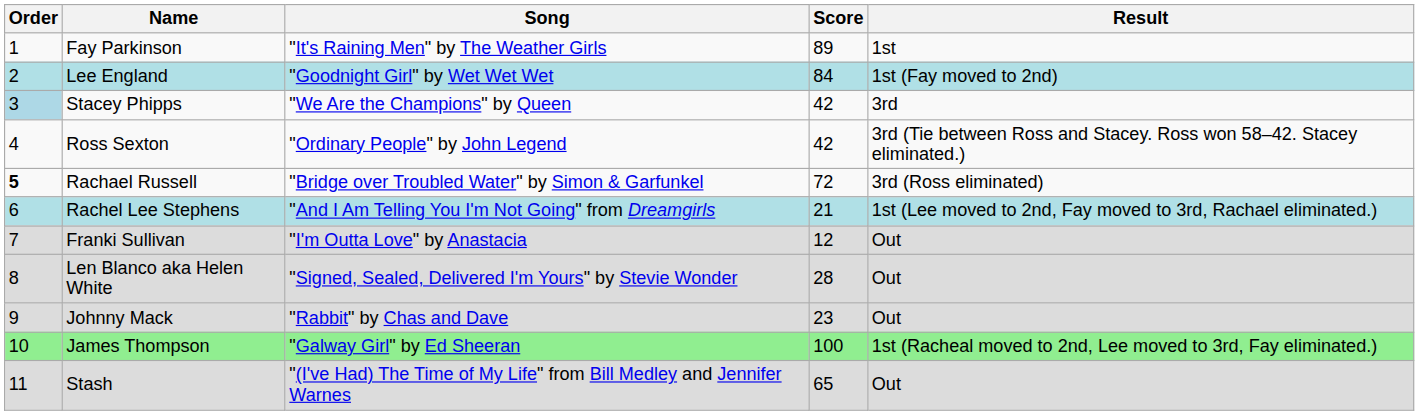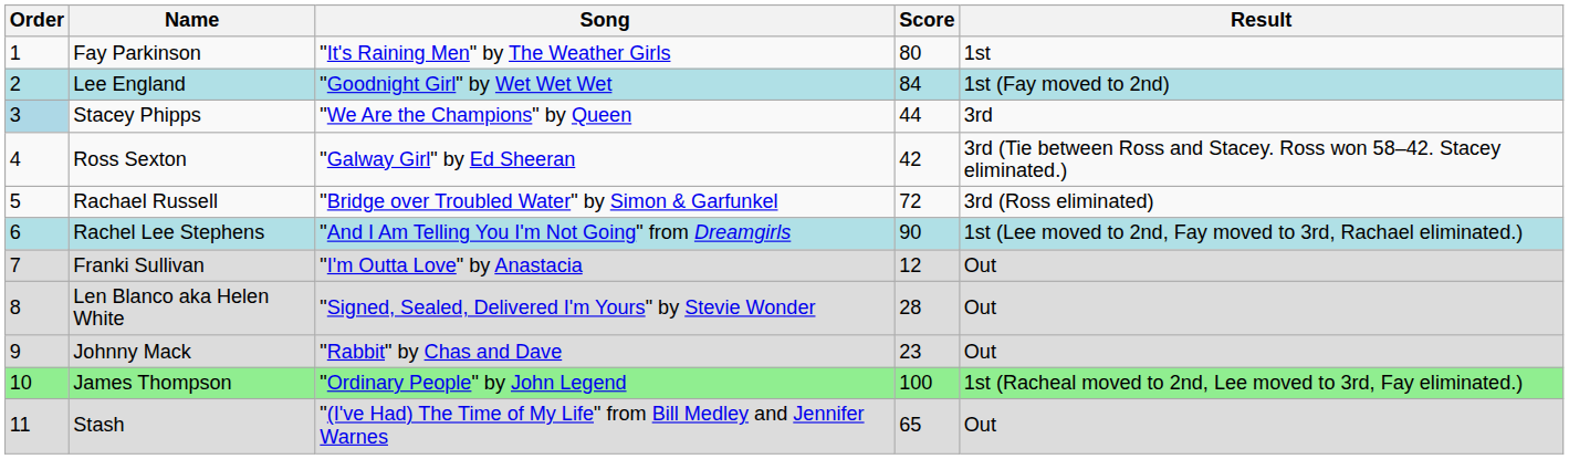 <table class="wikitable sortable collapsed">
 <tr style="text-align:Center; background:#cc;">
 <th>Order</th>
 <th>Name</th>
 <th>Song</th>
 <th>Score</th>
 <th>Result</th>
 </tr>
 <tr>
 <td>1</td>
 <td>Fay Parkinson</td>
 <td>"<a href='#'>It's Raining Men</a>" by <a href='#'>The Weather Girls</a></td>
-<td>89</td>
+<td>80</td>
 <td>1st</td>
 </tr>
 <tr style="background:#b0e0e6;">
 <td>2</td>
 <td>Lee England</td>
 <td>"<a href='#'>Goodnight Girl</a>" by <a href='#'>Wet Wet Wet</a></td>
 <td>84</td>
 <td>1st (Fay moved to 2nd)</td>
 </tr>
 <tr>
 <td style="background: lightblue;">3</td>
 <td>Stacey Phipps</td>
 <td>"<a href='#'>We Are the Champions</a>" by <a href='#'>Queen</a></td>
-<td>42</td>
+<td>44</td>
 <td>3rd</td>
 </tr>
 <tr>
 <td>4</td>
 <td>Ross Sexton</td>
-<td>"<a href='#'>Ordinary People</a>" by <a href='#'>John Legend</a></td>
+<td>"<a href='#'>Galway Girl</a>"  by <a href='#'>Ed Sheeran</a></td>
 <td>42</td>
 <td>3rd (Tie between Ross and Stacey. Ross won 58–42. Stacey eliminated.)</td>
 </tr>
 <tr>
-<td><strong>5</strong></td>
+<td>5</td>
 <td>Rachael Russell</td>
 <td>"<a href='#'>Bridge over Troubled Water</a>" by <a href='#'>Simon & Garfunkel</a></td>
 <td>72</td>
 <td>3rd (Ross eliminated)</td>
 </tr>
 <tr style="background:#b0e0e6;">
 <td>6</td>
 <td>Rachel Lee Stephens</td>
 <td>"<a href='#'>And I Am Telling You I'm Not Going</a>" from <em><a href='#'>Dreamgirls</a></em></td>
-<td>21</td>
+<td>90</td>
 <td>1st (Lee moved to 2nd, Fay moved to 3rd, Rachael eliminated.)</td>
 </tr>
 <tr style="background:#DCDCDC">
 <td>7</td>
 <td>Franki Sullivan</td>
 <td>"<a href='#'>I'm Outta Love</a>" by <a href='#'>Anastacia</a></td>
 <td>12</td>
 <td>Out</td>
 </tr>
 <tr style="background:#DCDCDC">
 <td>8</td>
 <td>Len Blanco aka Helen White</td>
 <td>"<a href='#'>Signed, Sealed, Delivered I'm Yours</a>" by <a href='#'>Stevie Wonder</a></td>
 <td>28</td>
 <td>Out</td>
 </tr>
 <tr style="background:#DCDCDC">
 <td>9</td>
 <td>Johnny Mack</td>
 <td>"<a href='#'>Rabbit</a>" by <a href='#'>Chas and Dave</a></td>
 <td>23</td>
 <td>Out</td>
 </tr>
 <tr style="background:lightgreen;">
 <td>10</td>
 <td>James Thompson</td>
-<td>"<a href='#'>Galway Girl</a>"  by <a href='#'>Ed Sheeran</a></td>
+<td>"<a href='#'>Ordinary People</a>" by <a href='#'>John Legend</a></td>
 <td>100</td>
 <td>1st (Racheal moved to 2nd, Lee moved to 3rd, Fay eliminated.)</td>
 </tr>
 <tr style="background:#DCDCDC">
 <td>11</td>
 <td>Stash</td>
 <td>"<a href='#'>(I've Had) The Time of My Life</a>" from <a href='#'>Bill Medley</a> and <a href='#'>Jennifer Warnes</a></td>
 <td>65</td>
 <td>Out</td>
 </tr>
 </table>
